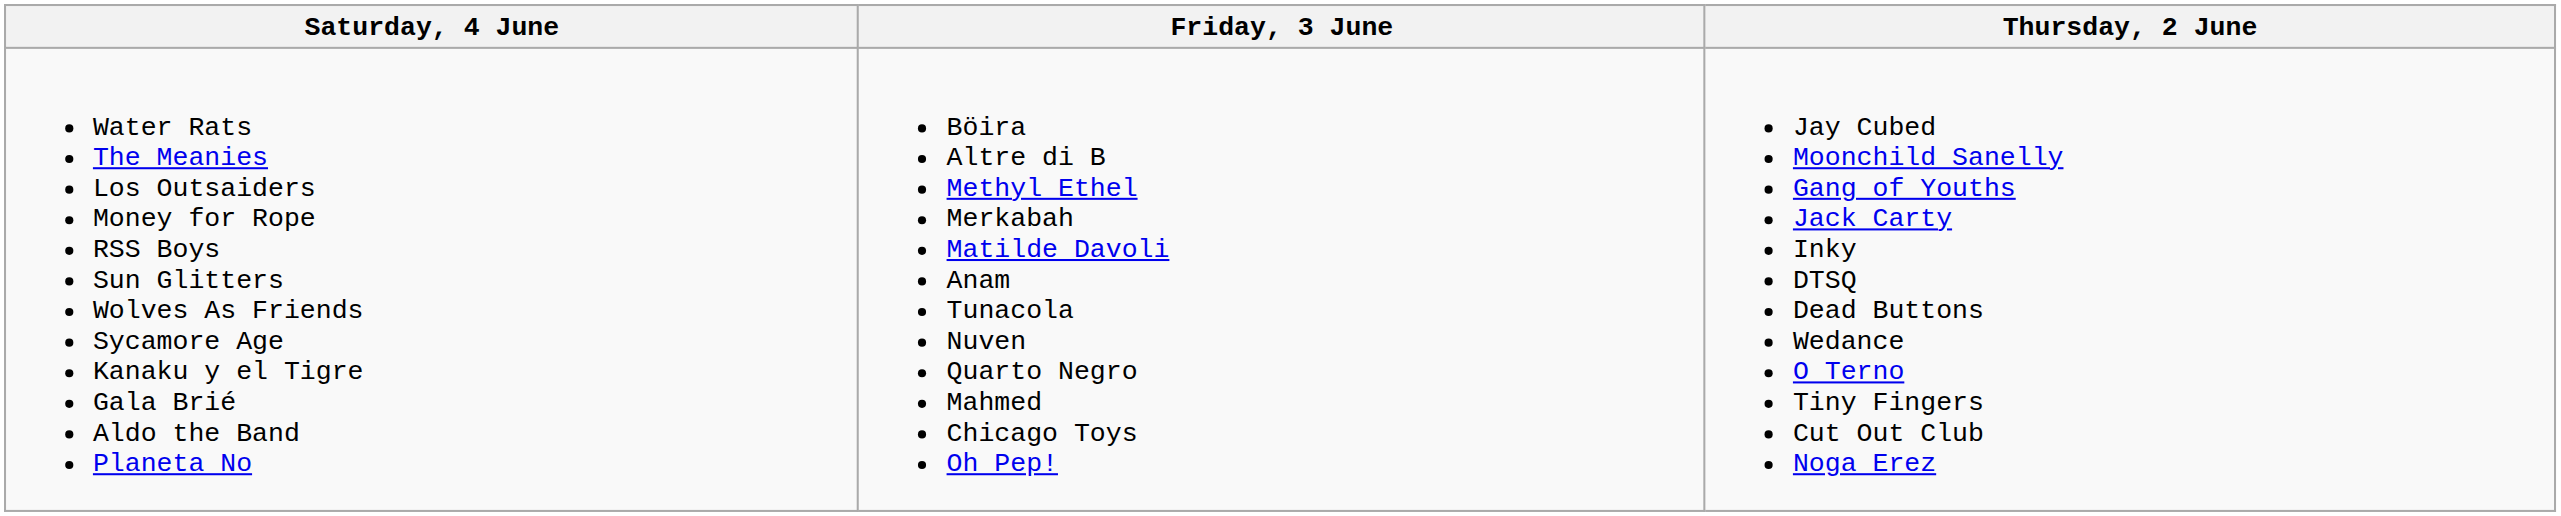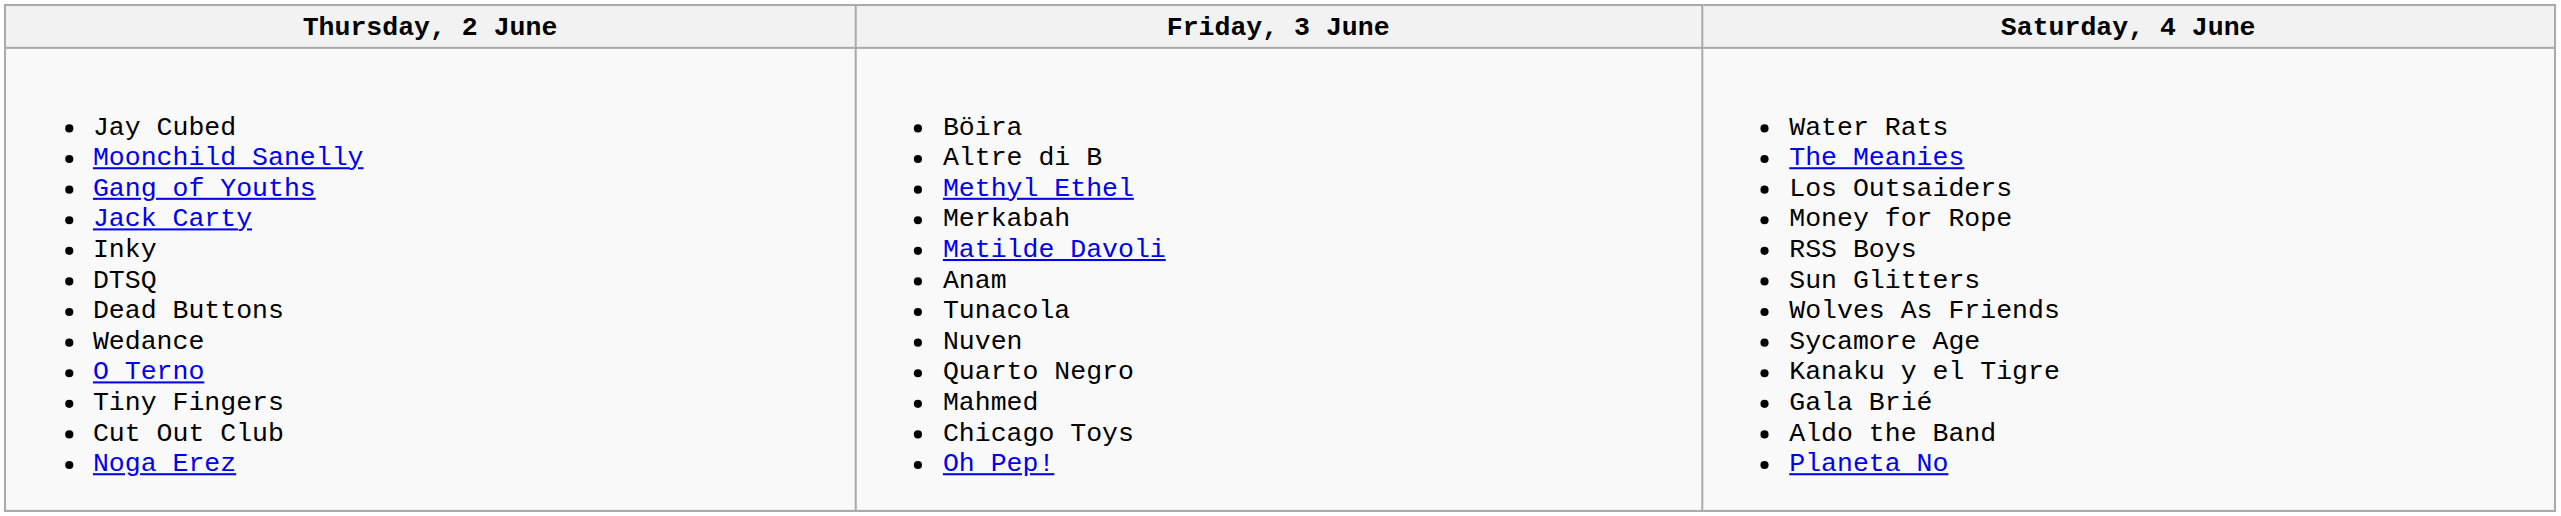 <table class="wikitable">
 <tr>
+<th width="500">Thursday, 2 June</th>
+<th width="500">Friday, 3 June</th>
 <th width="500">Saturday, 4 June</th>
-<th width="500">Friday, 3 June</th>
-<th width="500">Thursday, 2 June</th>
 </tr>
 <tr valign="top">
+<td><br><ul><li>Jay Cubed</li><li><a href='#'>Moonchild Sanelly</a></li><li><a href='#'>Gang of Youths</a></li><li><a href='#'>Jack Carty</a></li><li>Inky</li><li>DTSQ</li><li>Dead Buttons</li><li>Wedance</li><li><a href='#'>O Terno</a></li><li>Tiny Fingers</li><li>Cut Out Club</li><li><a href='#'>Noga Erez</a></li></ul></td>
+<td><br><ul><li>Böira</li><li>Altre di B</li><li><a href='#'>Methyl Ethel</a></li><li>Merkabah</li><li><a href='#'>Matilde Davoli</a></li><li>Anam</li><li>Tunacola</li><li>Nuven</li><li>Quarto Negro</li><li>Mahmed</li><li>Chicago Toys</li><li><a href='#'>Oh Pep!</a></li></ul></td>
 <td><br><ul><li>Water Rats</li><li><a href='#'>The Meanies</a></li><li>Los Outsaiders</li><li>Money for Rope</li><li>RSS Boys</li><li>Sun Glitters</li><li>Wolves As Friends</li><li>Sycamore Age</li><li>Kanaku y el Tigre</li><li>Gala Brié</li><li>Aldo the Band</li><li><a href='#'>Planeta No</a></li></ul></td>
-<td><br><ul><li>Böira</li><li>Altre di B</li><li><a href='#'>Methyl Ethel</a></li><li>Merkabah</li><li><a href='#'>Matilde Davoli</a></li><li>Anam</li><li>Tunacola</li><li>Nuven</li><li>Quarto Negro</li><li>Mahmed</li><li>Chicago Toys</li><li><a href='#'>Oh Pep!</a></li></ul></td>
-<td><br><ul><li>Jay Cubed</li><li><a href='#'>Moonchild Sanelly</a></li><li><a href='#'>Gang of Youths</a></li><li><a href='#'>Jack Carty</a></li><li>Inky</li><li>DTSQ</li><li>Dead Buttons</li><li>Wedance</li><li><a href='#'>O Terno</a></li><li>Tiny Fingers</li><li>Cut Out Club</li><li><a href='#'>Noga Erez</a></li></ul></td>
 </tr>
 </table>
